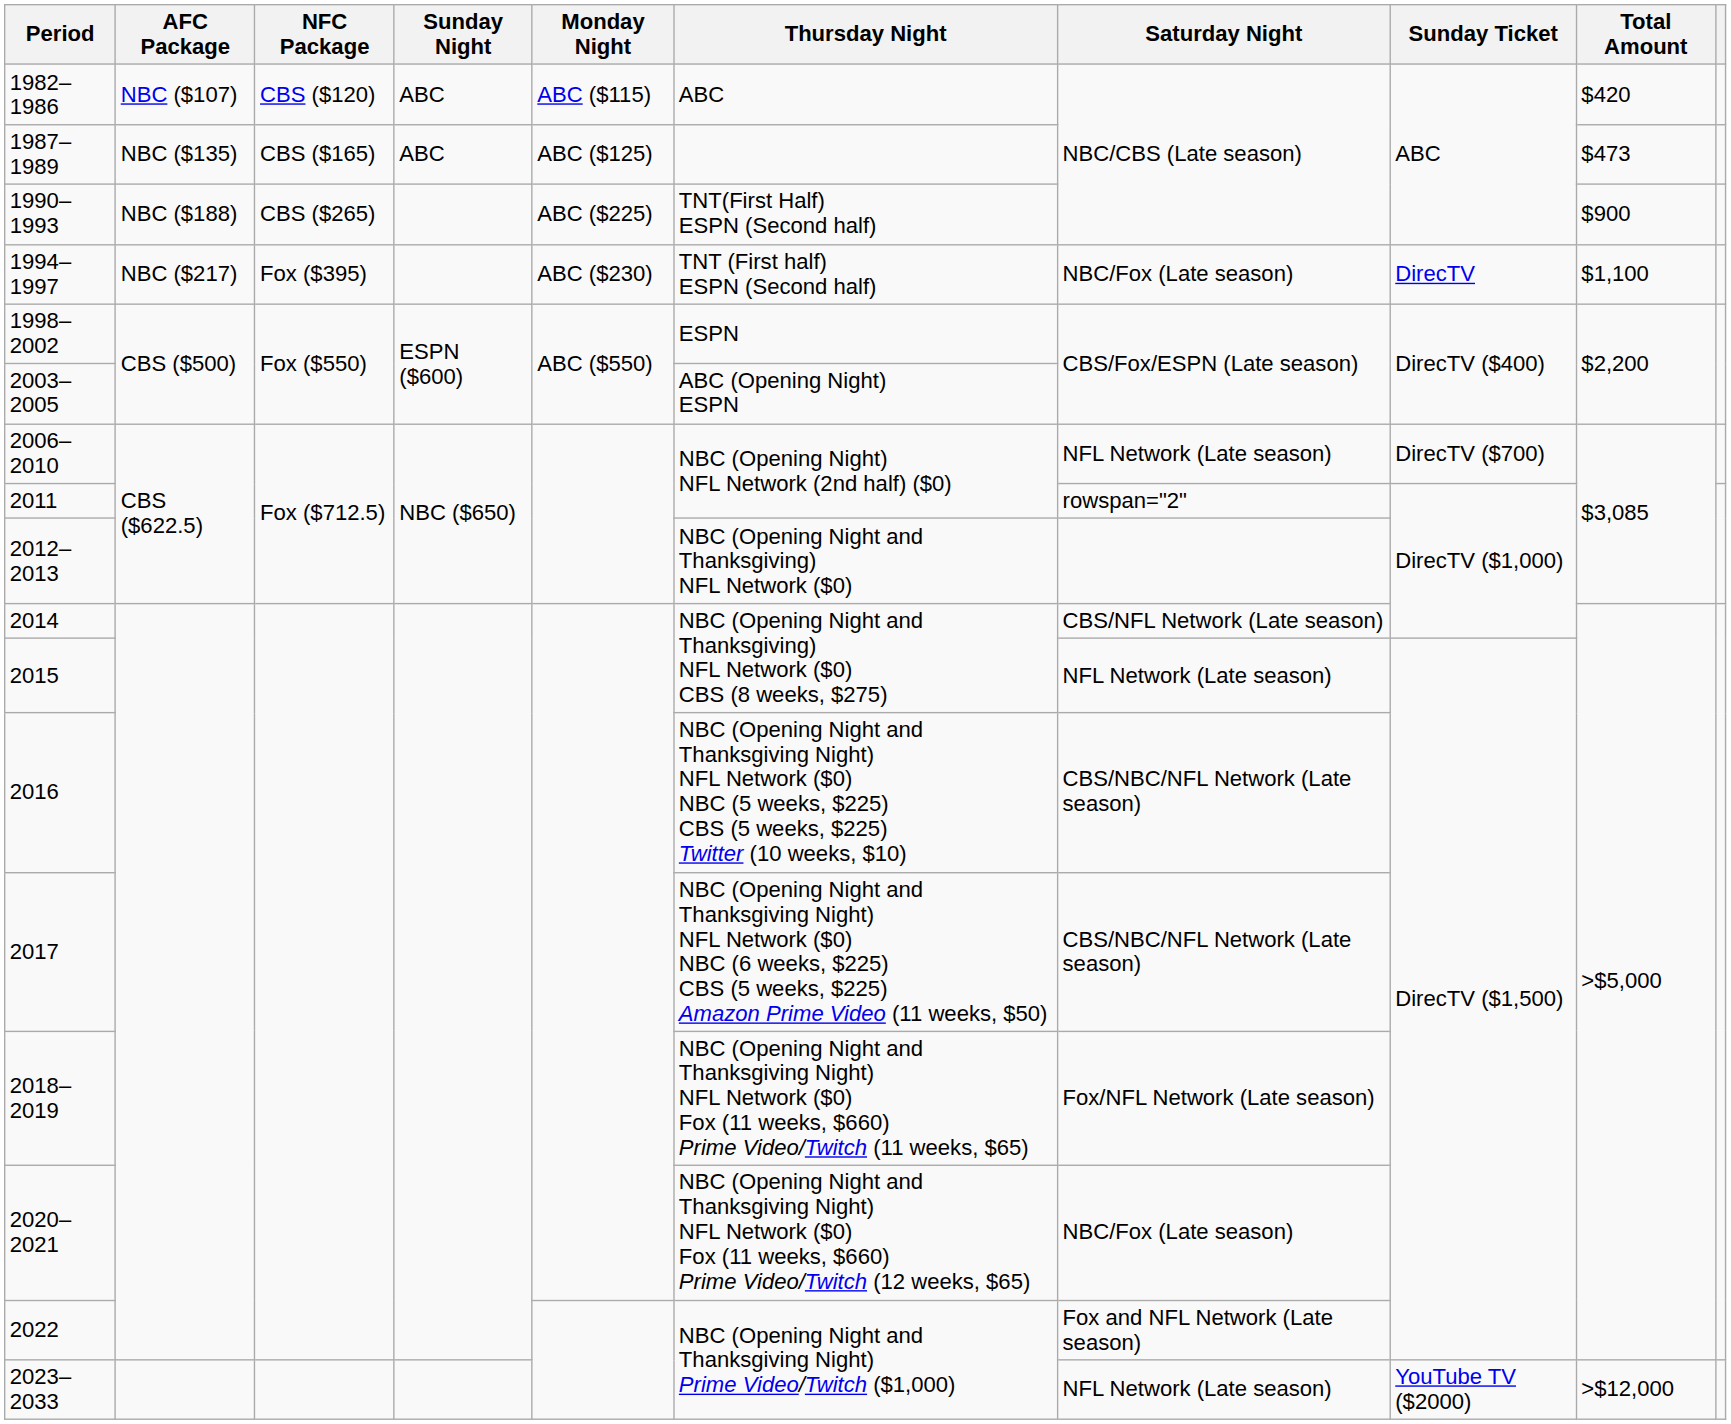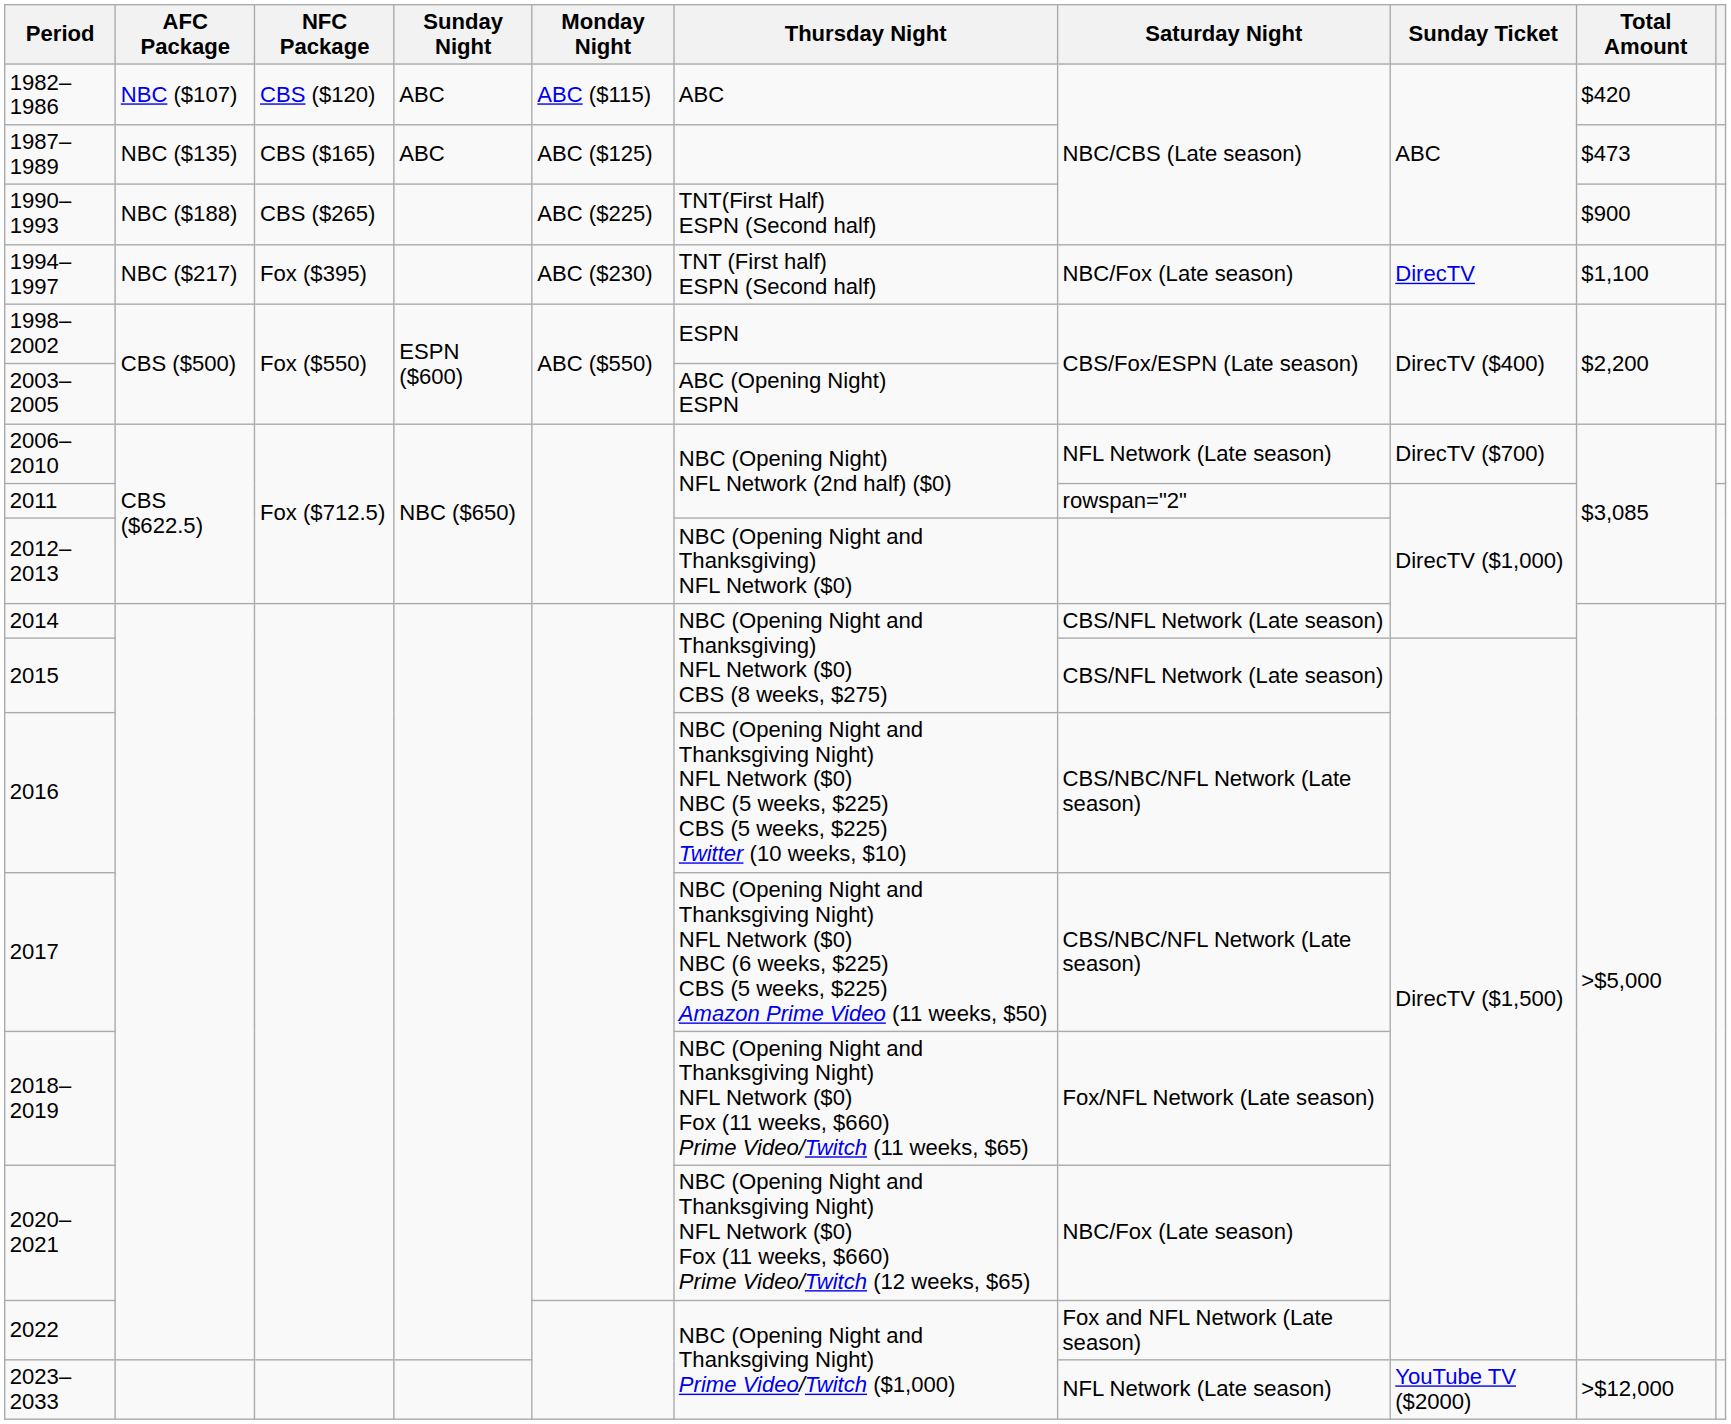 <table class="wikitable sortable plainrowheaders">
 <tr>
 <th scope="col">Period</th>
 <th scope="col">AFC Package</th>
 <th scope="col">NFC Package</th>
 <th scope="col">Sunday Night</th>
 <th scope="col">Monday Night</th>
 <th scope="col">Thursday Night</th>
 <th scope="col">Saturday Night</th>
 <th scope="col">Sunday Ticket</th>
 <th scope="col">Total Amount</th>
 <th scope="col"></th>
 </tr>
 <tr>
 <td>1982–1986</td>
 <td><a href='#'>NBC</a> ($107)</td>
 <td><a href='#'>CBS</a> ($120)</td>
 <td>ABC</td>
 <td><a href='#'>ABC</a> ($115)</td>
 <td>ABC</td>
 <td rowspan="3">NBC/CBS (Late season)</td>
 <td rowspan="3">ABC</td>
 <td>$420</td>
 <td></td>
 </tr>
 <tr>
 <td>1987–1989</td>
 <td>NBC ($135)</td>
 <td>CBS ($165)</td>
 <td>ABC</td>
 <td>ABC ($125)</td>
 <td></td>
 <td>$473</td>
 <td></td>
 </tr>
 <tr>
 <td>1990–1993</td>
 <td>NBC ($188)</td>
 <td>CBS ($265)</td>
 <td></td>
 <td>ABC ($225)</td>
 <td>TNT(First Half)<br>ESPN (Second half)</td>
 <td>$900</td>
 <td></td>
 </tr>
 <tr>
 <td>1994–1997</td>
 <td>NBC ($217)</td>
 <td>Fox ($395)</td>
 <td></td>
 <td>ABC ($230)</td>
 <td>TNT (First half)<br>ESPN (Second half)</td>
 <td>NBC/Fox (Late season)</td>
 <td><a href='#'>DirecTV</a></td>
 <td>$1,100</td>
 <td></td>
 </tr>
 <tr>
 <td>1998–2002</td>
 <td rowspan="2">CBS ($500)</td>
 <td rowspan="2">Fox ($550)</td>
 <td rowspan="2">ESPN ($600)</td>
 <td rowspan="2">ABC ($550)</td>
 <td>ESPN</td>
 <td rowspan="2">CBS/Fox/ESPN (Late season)</td>
 <td rowspan="2">DirecTV ($400)</td>
 <td rowspan="2">$2,200</td>
 <td rowspan="2"></td>
 </tr>
 <tr>
 <td>2003–2005</td>
 <td>ABC (Opening Night)<br>ESPN</td>
 </tr>
 <tr>
 <td>2006–2010</td>
 <td rowspan=3>CBS ($622.5)</td>
 <td rowspan=3>Fox ($712.5)</td>
 <td rowspan=3>NBC ($650)</td>
 <td rowspan=3></td>
 <td rowspan=2>NBC (Opening Night)<br>NFL Network (2nd half) ($0)</td>
 <td>NFL Network (Late season)</td>
 <td>DirecTV ($700)</td>
 <td rowspan=3>$3,085</td>
 <td></td>
 </tr>
 <tr>
 <td>2011</td>
 <td>rowspan="2" </td>
 <td rowspan=3>DirecTV ($1,000)</td>
 <td rowspan="2"></td>
 </tr>
 <tr>
 <td>2012–2013</td>
 <td>NBC (Opening Night and Thanksgiving)<br>NFL Network ($0)</td>
 </tr>
 <tr>
 <td>2014</td>
 <td rowspan=7></td>
 <td rowspan=7></td>
 <td rowspan=7></td>
 <td rowspan=6></td>
 <td rowspan=2>NBC (Opening Night and Thanksgiving)<br>NFL Network ($0)<br>CBS (8 weeks, $275)</td>
 <td>CBS/NFL Network (Late season)</td>
 <td rowspan=7>>$5,000</td>
 <td rowspan=7></td>
 </tr>
 <tr>
 <td>2015</td>
-<td>NFL Network (Late season)</td>
+<td>CBS/NFL Network (Late season)</td>
 <td rowspan=6>DirecTV ($1,500)</td>
 </tr>
 <tr>
 <td>2016</td>
 <td>NBC (Opening Night and Thanksgiving Night)<br>NFL Network ($0)<br>NBC (5 weeks, $225)<br>CBS (5 weeks, $225)<br><em><a href='#'>Twitter</a></em> (10 weeks, $10)</td>
 <td>CBS/NBC/NFL Network (Late season)</td>
 </tr>
 <tr>
 <td>2017</td>
 <td>NBC (Opening Night and Thanksgiving Night)<br>NFL Network ($0)<br>NBC (6 weeks, $225)<br>CBS (5 weeks, $225)<br><em><a href='#'>Amazon Prime Video</a></em> (11 weeks, $50)</td>
 <td>CBS/NBC/NFL Network (Late season)</td>
 </tr>
 <tr>
 <td>2018–2019</td>
 <td>NBC (Opening Night and Thanksgiving Night)<br>NFL Network ($0)<br>Fox (11 weeks, $660)<br><em>Prime Video/<a href='#'>Twitch</a></em> (11 weeks, $65)</td>
 <td>Fox/NFL Network (Late season)</td>
 </tr>
 <tr>
 <td>2020–2021</td>
 <td>NBC (Opening Night and Thanksgiving Night)<br>NFL Network ($0)<br>Fox (11 weeks, $660)<br><em>Prime Video/<a href='#'>Twitch</a></em> (12 weeks, $65)</td>
 <td>NBC/Fox (Late season)</td>
 </tr>
 <tr>
 <td>2022</td>
 <td rowspan=2></td>
 <td rowspan=2>NBC (Opening Night and Thanksgiving Night)<br><em><a href='#'>Prime Video</a>/<a href='#'>Twitch</a></em> ($1,000)</td>
 <td>Fox and NFL Network (Late season)</td>
 </tr>
 <tr>
 <td>2023–2033</td>
 <td></td>
 <td></td>
 <td></td>
 <td>NFL Network (Late season)</td>
 <td><a href='#'>YouTube TV</a> ($2000)</td>
 <td>>$12,000</td>
 <td></td>
 </tr>
 </table>
